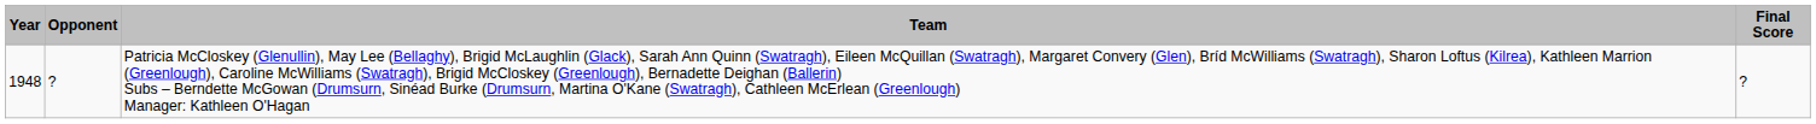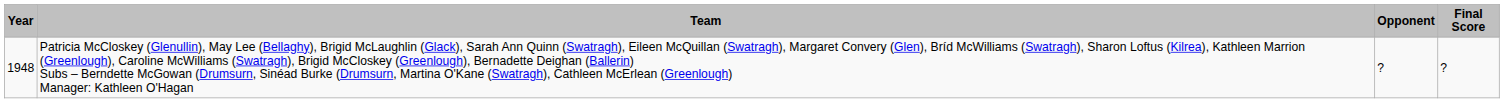 <table class="wikitable">
 <tr>
 <th style="background:silver;">Year</th>
+<th style="background:silver;">Team</th>
 <th style="background:silver;">Opponent</th>
-<th style="background:silver;">Team</th>
 <th style="background:silver;">Final Score</th>
 </tr>
 <tr>
 <td>1948</td>
+<td>Patricia McCloskey (<a href='#'>Glenullin</a>), May Lee (<a href='#'>Bellaghy</a>), Brigid McLaughlin (<a href='#'>Glack</a>), Sarah Ann Quinn (<a href='#'>Swatragh</a>), Eileen McQuillan (<a href='#'>Swatragh</a>), Margaret Convery (<a href='#'>Glen</a>), Bríd McWilliams (<a href='#'>Swatragh</a>), Sharon Loftus (<a href='#'>Kilrea</a>), Kathleen Marrion (<a href='#'>Greenlough</a>), Caroline McWilliams (<a href='#'>Swatragh</a>), Brigid McCloskey (<a href='#'>Greenlough</a>), Bernadette Deighan (<a href='#'>Ballerin</a>)<br>Subs – Berndette McGowan (<a href='#'>Drumsurn</a>, Sinéad Burke (<a href='#'>Drumsurn</a>, Martina O'Kane (<a href='#'>Swatragh</a>), Cathleen McErlean (<a href='#'>Greenlough</a>)<br>Manager: Kathleen O'Hagan</td>
 <td>?</td>
-<td>Patricia McCloskey (<a href='#'>Glenullin</a>), May Lee (<a href='#'>Bellaghy</a>), Brigid McLaughlin (<a href='#'>Glack</a>), Sarah Ann Quinn (<a href='#'>Swatragh</a>), Eileen McQuillan (<a href='#'>Swatragh</a>), Margaret Convery (<a href='#'>Glen</a>), Bríd McWilliams (<a href='#'>Swatragh</a>), Sharon Loftus (<a href='#'>Kilrea</a>), Kathleen Marrion (<a href='#'>Greenlough</a>), Caroline McWilliams (<a href='#'>Swatragh</a>), Brigid McCloskey (<a href='#'>Greenlough</a>), Bernadette Deighan (<a href='#'>Ballerin</a>)<br>Subs – Berndette McGowan (<a href='#'>Drumsurn</a>, Sinéad Burke (<a href='#'>Drumsurn</a>, Martina O'Kane (<a href='#'>Swatragh</a>), Cathleen McErlean (<a href='#'>Greenlough</a>)<br>Manager: Kathleen O'Hagan</td>
 <td>?</td>
 </tr>
 </table>
